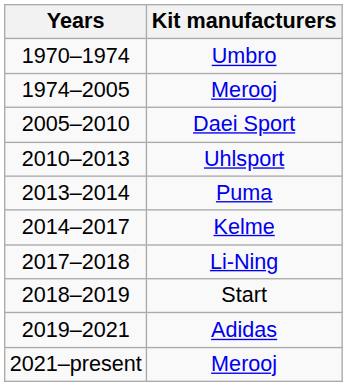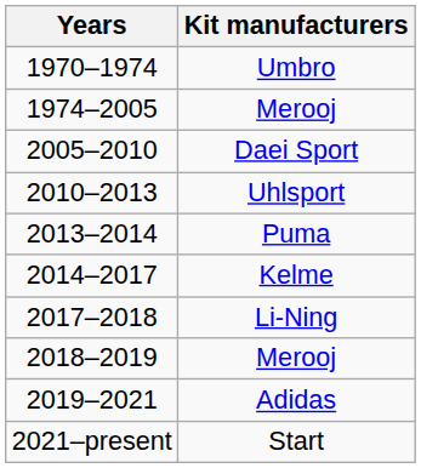 <table class="wikitable" style="text-align: center">
 <tr>
 <th>Years</th>
 <th>Kit manufacturers</th>
 </tr>
 <tr>
 <td>1970–1974</td>
 <td><a href='#'>Umbro</a></td>
 </tr>
 <tr>
 <td>1974–2005</td>
 <td><a href='#'>Merooj</a></td>
 </tr>
 <tr>
 <td>2005–2010</td>
 <td><a href='#'>Daei Sport</a></td>
 </tr>
 <tr>
 <td>2010–2013</td>
 <td><a href='#'>Uhlsport</a></td>
 </tr>
 <tr>
 <td>2013–2014</td>
 <td><a href='#'>Puma</a></td>
 </tr>
 <tr>
 <td>2014–2017</td>
 <td><a href='#'>Kelme</a></td>
 </tr>
 <tr>
 <td>2017–2018</td>
 <td><a href='#'>Li-Ning</a></td>
 </tr>
 <tr>
 <td>2018–2019</td>
-<td>Start</td>
+<td><a href='#'>Merooj</a></td>
 </tr>
 <tr>
 <td>2019–2021</td>
 <td><a href='#'>Adidas</a></td>
 </tr>
 <tr>
 <td>2021–present</td>
-<td><a href='#'>Merooj</a></td>
+<td>Start</td>
 </tr>
 </table>
